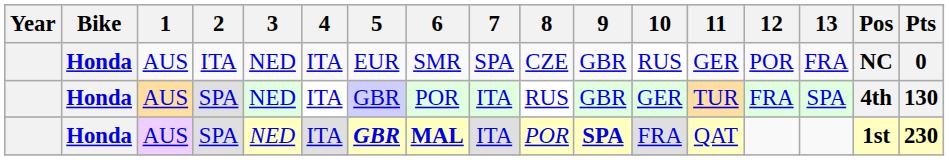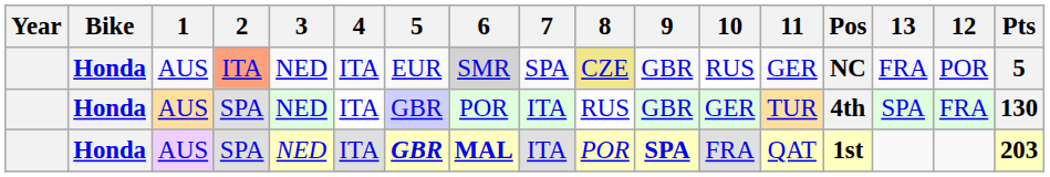 <table class="wikitable" style="text-align:center; font-size:90%;">
 <tr>
 <th>Year</th>
 <th>Bike</th>
 <th>1</th>
 <th>2</th>
 <th>3</th>
 <th>4</th>
 <th>5</th>
 <th>6</th>
 <th>7</th>
 <th>8</th>
 <th>9</th>
 <th>10</th>
 <th>11</th>
+<th>Pos</th>
+<th>13</th>
 <th>12</th>
-<th>13</th>
-<th>Pos</th>
 <th>Pts</th>
 </tr>
 <tr>
 <th></th>
 <th><a href='#'>Honda</a></th>
 <td><a href='#'>AUS</a></td>
-<td><a href='#'>ITA</a></td>
+<td style="background: lightsalmon;"><a href='#'>ITA</a></td>
 <td><a href='#'>NED</a></td>
 <td><a href='#'>ITA</a></td>
 <td><a href='#'>EUR</a></td>
-<td><a href='#'>SMR</a></td>
+<td style="background: lightgrey;"><a href='#'>SMR</a></td>
 <td><a href='#'>SPA</a></td>
-<td><a href='#'>CZE</a></td>
+<td style="background: khaki;"><a href='#'>CZE</a></td>
 <td><a href='#'>GBR</a></td>
 <td style="background:#FFFFFF;"><a href='#'>RUS</a><br></td>
 <td><a href='#'>GER</a></td>
+<th>NC</th>
+<td><a href='#'>FRA</a></td>
 <td><a href='#'>POR</a></td>
-<td><a href='#'>FRA</a></td>
-<th>NC</th>
-<th>0</th>
+<th>5</th>
 </tr>
 <tr>
 <th></th>
 <th><a href='#'>Honda</a></th>
 <td style="background:#FFDF9F;"><a href='#'>AUS</a><br></td>
 <td style="background:#DFDFDF;"><a href='#'>SPA</a><br></td>
 <td style="background:#DFFFDF;"><a href='#'>NED</a><br></td>
 <td style="background:#FFFFFF;"><a href='#'>ITA</a><br></td>
 <td style="background:#CFCFFF;"><a href='#'>GBR</a><br></td>
 <td style="background:#DFFFDF;"><a href='#'>POR</a><br></td>
 <td style="background:#DFFFDF;"><a href='#'>ITA</a><br></td>
 <td style="background:#FFFFFF;"><a href='#'>RUS</a><br></td>
 <td style="background:#DFFFDF;"><a href='#'>GBR</a><br></td>
 <td style="background:#DFFFDF;"><a href='#'>GER</a><br></td>
 <td style="background:#FFDF9F;"><a href='#'>TUR</a><br></td>
+<th>4th</th>
+<td style="background:#DFFFDF;"><a href='#'>SPA</a><br></td>
 <td style="background:#DFFFDF;"><a href='#'>FRA</a><br></td>
-<td style="background:#DFFFDF;"><a href='#'>SPA</a><br></td>
-<th>4th</th>
 <th>130</th>
 </tr>
 <tr>
 <th></th>
 <th><a href='#'>Honda</a></th>
 <td style="background:#EFCFFF;"><a href='#'>AUS</a><br></td>
 <td style="background:#DFDFDF;"><a href='#'>SPA</a><br></td>
 <td style="background:#FFFFBF;"><em><a href='#'>NED</a></em><br></td>
 <td style="background:#DFDFDF;"><a href='#'>ITA</a><br></td>
 <td style="background:#FFFFBF;"><strong><em><a href='#'>GBR</a></em></strong><br></td>
 <td style="background:#FFFFBF;"><strong><a href='#'>MAL</a><br></strong></td>
 <td style="background:#DFDFDF;"><a href='#'>ITA</a><br></td>
 <td style="background:#FFFFBF;"><em><a href='#'>POR</a></em><br></td>
 <td style="background:#FFFFBF;"><strong><a href='#'>SPA</a></strong><br></td>
 <td style="background:#DFDFDF;"><a href='#'>FRA</a><br></td>
 <td style="background:#FFFFBF;"><a href='#'>QAT</a><br></td>
+<th style="background:#FFFFBF;">1st</th>
 <td></td>
 <td></td>
-<th style="background:#FFFFBF;">1st</th>
-<th style="background:#FFFFBF;">230</th>
+<th style="background:#FFFFBF;">203</th>
 </tr>
 </table>
